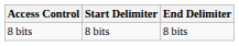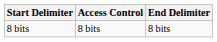 <table class="wikitable">
 <tr>
+<th>Start Delimiter</th>
 <th>Access Control</th>
-<th>Start Delimiter</th>
 <th>End Delimiter</th>
 </tr>
 <tr>
 <td>8 bits</td>
 <td>8 bits</td>
 <td>8 bits</td>
 </tr>
 </table>
